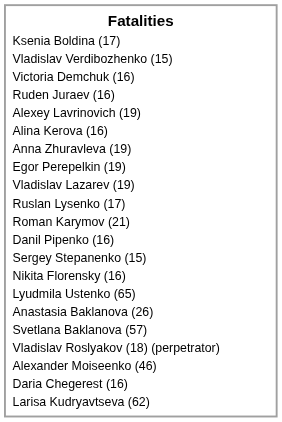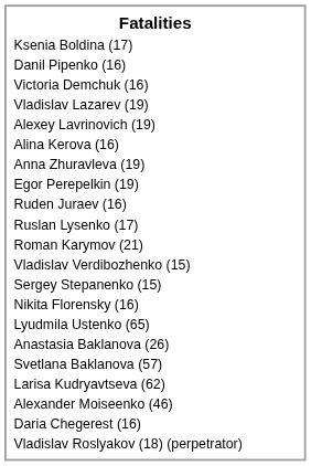 <table style="float:right; margin:1em; width:18em; border:2px solid #a0a0a0; padding:4px; background:#k9k9k9; text-align:left;">
 <tr style="text-align:center;">
 <td><strong>Fatalities</strong></td>
 </tr>
 <tr style="text-align:left; font-size:small;">
 <td>Ksenia Boldina (17)</td>
 </tr>
 <tr style="text-align:left; font-size:small;">
-<td>Vladislav Verdibozhenko (15)</td>
+<td>Danil Pipenko (16)</td>
 </tr>
 <tr style="text-align:left; font-size:small;">
 <td>Victoria Demchuk (16)</td>
 </tr>
 <tr style="text-align:left; font-size:small;">
-<td>Ruden Juraev (16)</td>
+<td>Vladislav Lazarev (19)</td>
 </tr>
 <tr style="text-align:left; font-size:small;">
 <td>Alexey Lavrinovich (19)</td>
 </tr>
 <tr style="text-align:left; font-size:small;">
 <td>Alina Kerova (16)</td>
 </tr>
 <tr style="text-align:left; font-size:small;">
 <td>Anna Zhuravleva (19)</td>
 </tr>
 <tr style="text-align:left; font-size:small;">
 <td>Egor Perepelkin (19)</td>
 </tr>
 <tr style="text-align:left; font-size:small;">
-<td>Vladislav Lazarev (19)</td>
+<td>Ruden Juraev (16)</td>
 </tr>
 <tr style="text-align:left; font-size:small;">
 <td>Ruslan Lysenko (17)</td>
 </tr>
 <tr style="text-align:left; font-size:small;">
 <td>Roman Karymov (21)</td>
 </tr>
 <tr style="text-align:left; font-size:small;">
-<td>Danil Pipenko (16)</td>
+<td>Vladislav Verdibozhenko (15)</td>
 </tr>
 <tr style="text-align:left; font-size:small;">
 <td>Sergey Stepanenko (15)</td>
 </tr>
 <tr style="text-align:left; font-size:small;">
 <td>Nikita Florensky (16)</td>
 </tr>
 <tr style="text-align:left; font-size:small;">
 <td>Lyudmila Ustenko (65)</td>
 </tr>
 <tr style="text-align:left; font-size:small;">
 <td>Anastasia Baklanova (26)</td>
 </tr>
 <tr style="text-align:left; font-size:small;">
 <td>Svetlana Baklanova (57)</td>
 </tr>
 <tr style="text-align:left; font-size:small;">
-<td>Vladislav Roslyakov (18) (perpetrator)</td>
+<td>Larisa Kudryavtseva (62)</td>
 </tr>
 <tr style="text-align:left; font-size:small;">
 <td>Alexander Moiseenko (46)</td>
 </tr>
 <tr style="text-align:left; font-size:small;">
 <td>Daria Chegerest (16)</td>
 </tr>
 <tr style="text-align:left; font-size:small;">
-<td>Larisa Kudryavtseva (62)</td>
+<td>Vladislav Roslyakov (18) (perpetrator)</td>
 </tr>
 </table>
